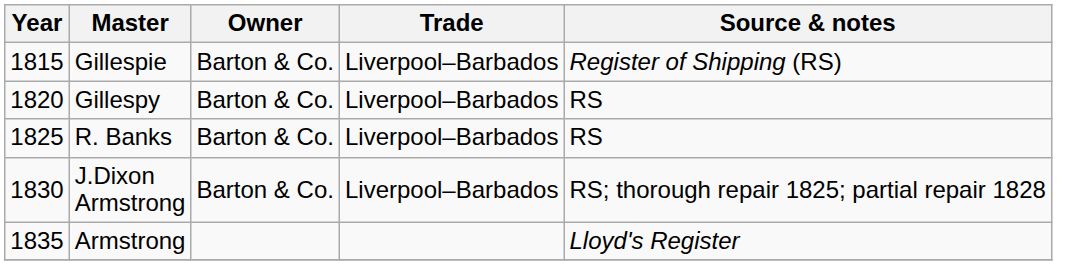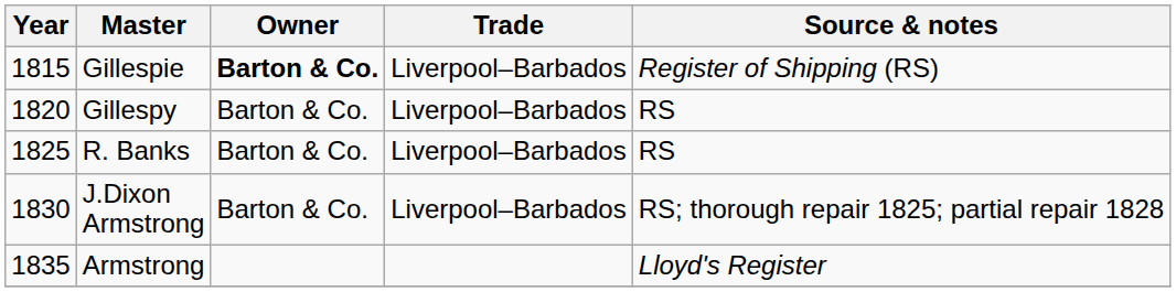 <table class="sortable wikitable">
 <tr>
 <th>Year</th>
 <th>Master</th>
 <th>Owner</th>
 <th>Trade</th>
 <th>Source & notes</th>
 </tr>
 <tr>
 <td>1815</td>
 <td>Gillespie</td>
-<td>Barton & Co.</td>
+<td><strong>Barton & Co.</strong></td>
 <td>Liverpool–Barbados</td>
 <td><em>Register of Shipping</em> (RS)</td>
 </tr>
 <tr>
 <td>1820</td>
 <td>Gillespy</td>
 <td>Barton & Co.</td>
 <td>Liverpool–Barbados</td>
 <td>RS</td>
 </tr>
 <tr>
 <td>1825</td>
 <td>R. Banks</td>
 <td>Barton & Co.</td>
 <td>Liverpool–Barbados</td>
 <td>RS</td>
 </tr>
 <tr>
 <td>1830</td>
 <td>J.Dixon<br>Armstrong</td>
 <td>Barton & Co.</td>
 <td>Liverpool–Barbados</td>
 <td>RS; thorough repair 1825; partial repair 1828</td>
 </tr>
 <tr>
 <td>1835</td>
 <td>Armstrong</td>
 <td></td>
 <td></td>
 <td><em>Lloyd's Register</em></td>
 </tr>
 <tr>
 </tr>
 </table>
